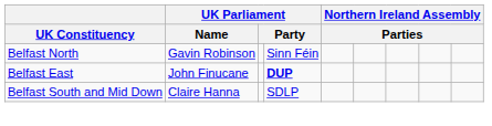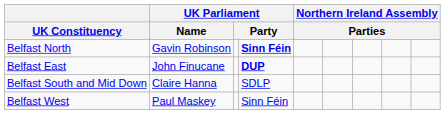 <table class="wikitable" style="font-size: 95%;">
 <tr>
 <th colspan=1></th>
 <th colspan=3><a href='#'>UK Parliament</a></th>
 <th colspan=5><a href='#'>Northern Ireland Assembly</a></th>
 </tr>
 <tr>
 <th colspan=1><a href='#'>UK Constituency</a></th>
 <th colspan=1>Name</th>
 <th colspan=2>Party</th>
 <th colspan=5>Parties</th>
 </tr>
 <tr>
 <td><a href='#'>Belfast North</a></td>
 <td><a href='#'>Gavin Robinson</a></td>
 <td style="background-color: "></td>
-<td><a href='#'>Sinn Féin</a></td>
+<td><strong><a href='#'>Sinn Féin</a></strong></td>
 <td style="background-color: "></td>
 <td style="background-color: "></td>
 <td style="background-color: "></td>
 <td style="background-color: "></td>
 <td style="background-color: "></td>
 </tr>
 <tr>
 <td><a href='#'>Belfast East</a></td>
 <td><a href='#'>John Finucane</a></td>
 <td style="background-color: "></td>
 <td><strong><a href='#'>DUP</a></strong></td>
 <td style="background-color: "></td>
 <td style="background-color: "></td>
 <td style="background-color: "></td>
 <td style="background-color: "></td>
 <td style="background-color: "></td>
 </tr>
 <tr>
 <td><a href='#'>Belfast South and Mid Down</a></td>
 <td><a href='#'>Claire Hanna</a></td>
 <td style="background-color: "></td>
 <td><a href='#'>SDLP</a></td>
 <td style="background-color: "></td>
 <td style="background-color: "></td>
 <td style="background-color: "></td>
 <td style="background-color: "></td>
 <td style="background-color: "></td>
 </tr>
+<tr>
+<td><a href='#'>Belfast West</a></td>
+<td><a href='#'>Paul Maskey</a></td>
+<td style="background-color: "></td>
+<td><a href='#'>Sinn Féin</a></td>
+<td style="background-color: "></td>
+<td style="background-color: "></td>
+<td style="background-color: "></td>
+<td style="background-color: "></td>
+<td style="background-color: "></td>
+</tr>
 </table>
